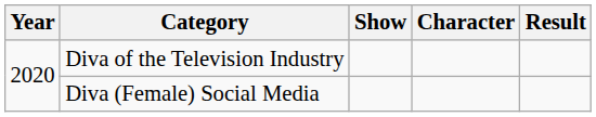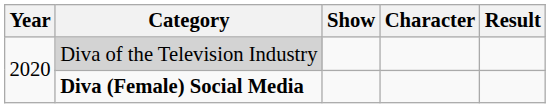 <table class="wikitable sortable">
 <tr>
 <th>Year</th>
 <th>Category</th>
 <th>Show</th>
 <th>Character</th>
 <th>Result</th>
 </tr>
 <tr>
 <td rowspan=2>2020</td>
-<td>Diva of the Television Industry</td>
+<td style="background: lightgrey;">Diva of the Television Industry</td>
 <td></td>
 <td></td>
 <td></td>
 </tr>
 <tr>
-<td>Diva (Female) Social Media</td>
+<td><strong>Diva (Female) Social Media</strong></td>
 <td></td>
 <td></td>
 <td></td>
 </tr>
 </table>
